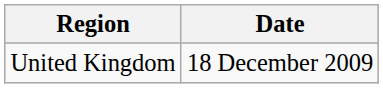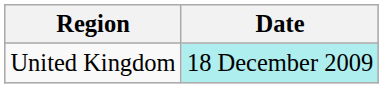 <table class="wikitable" border="1">
 <tr>
 <th>Region</th>
 <th>Date</th>
 </tr>
 <tr>
 <td>United Kingdom</td>
-<td>18 December 2009</td>
+<td style="background: paleturquoise;">18 December 2009</td>
 </tr>
 </table>
